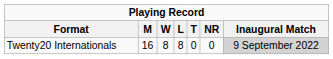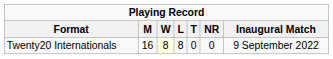 <table class="wikitable" style="text-align: center; width: 500px;">
 <tr>
 <td colspan=7 align="center"><strong>Playing Record</strong></td>
 </tr>
 <tr>
 <th>Format</th>
 <th>M</th>
 <th>W</th>
 <th>L</th>
 <th>T</th>
 <th>NR</th>
 <th>Inaugural Match</th>
 </tr>
 <tr>
 <td align="left">Twenty20 Internationals</td>
 <td>16</td>
-<td>8</td>
+<td style="background: lightyellow;">8</td>
 <td>8</td>
 <td>0</td>
 <td>0</td>
-<td style="background: lightgrey;">9 September 2022</td>
+<td>9 September 2022</td>
 </tr>
 </table>
